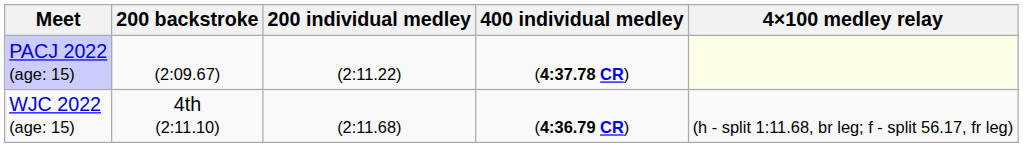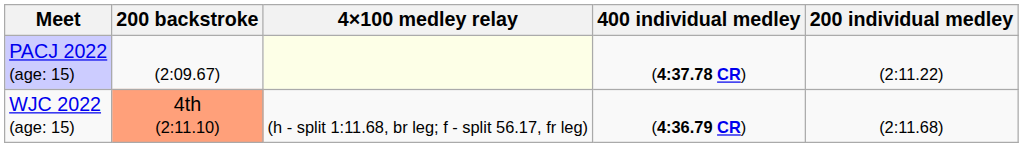 <table class="sortable wikitable">
 <tr>
 <th>Meet</th>
 <th class="unsortable">200 backstroke</th>
+<th class="unsortable">4×100 medley relay</th>
+<th class="unsortable">400 individual medley</th>
 <th class="unsortable">200 individual medley</th>
-<th class="unsortable">400 individual medley</th>
-<th class="unsortable">4×100 medley relay</th>
 </tr>
 <tr>
 <td style="background:#ccccff"><a href='#'>PACJ 2022</a><br><small>(age: 15)</small></td>
 <td align="center"><br><small>(2:09.67)</small></td>
+<td style="background:#fdffe7"></td>
+<td align="center"><br><small>(<strong>4:37.78 <a href='#'>CR</a></strong>)</small></td>
 <td align="center"><br><small>(2:11.22)</small></td>
-<td align="center"><br><small>(<strong>4:37.78 <a href='#'>CR</a></strong>)</small></td>
-<td style="background:#fdffe7"></td>
 </tr>
 <tr>
 <td><a href='#'>WJC 2022</a><br><small>(age: 15)</small></td>
-<td align="center">4th<br><small>(2:11.10)</small></td>
+<td align="center" style="background: lightsalmon;">4th<br><small>(2:11.10)</small></td>
+<td align="center"><br><small>(h - split 1:11.68, br leg; f - split 56.17, fr leg)</small></td>
+<td align="center"><br><small>(<strong>4:36.79 <a href='#'>CR</a></strong>)</small></td>
 <td align="center"><br><small>(2:11.68)</small></td>
-<td align="center"><br><small>(<strong>4:36.79 <a href='#'>CR</a></strong>)</small></td>
-<td align="center"><br><small>(h - split 1:11.68, br leg; f - split 56.17, fr leg)</small></td>
 </tr>
 </table>
